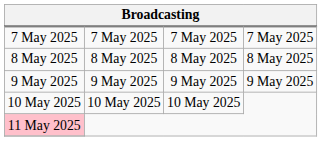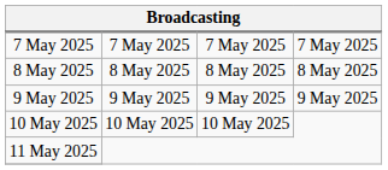 <table class=wikitable style="text-align:center;">
 <tr>
 <th colspan=4>Broadcasting</th>
 </tr>
 <tr style="border-top: 2px solid #333333;">
 </tr>
 <tr>
 <td>7 May 2025 </td>
 <td>7 May 2025 </td>
 <td>7 May 2025 </td>
 <td>7 May 2025 </td>
 </tr>
 <tr>
 <td>8 May 2025 </td>
 <td>8 May 2025 </td>
 <td>8 May 2025 </td>
 <td>8 May 2025 </td>
 </tr>
 <tr>
 <td>9 May 2025 </td>
 <td>9 May 2025 </td>
 <td>9 May 2025 </td>
 <td>9 May 2025 </td>
 </tr>
 <tr>
 <td>10 May 2025 </td>
 <td>10 May 2025 </td>
 <td>10 May 2025 </td>
 </tr>
 <tr>
-<td style="background: pink;">11 May 2025 </td>
+<td>11 May 2025 </td>
 </tr>
 <tr>
 </tr>
 </table>
